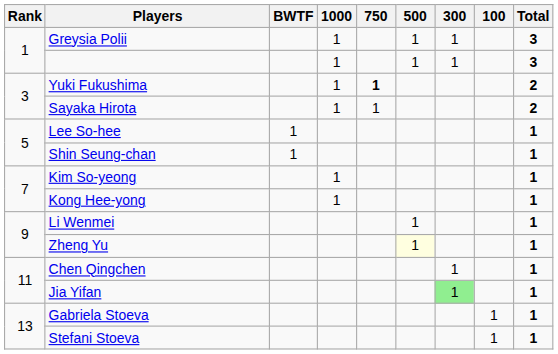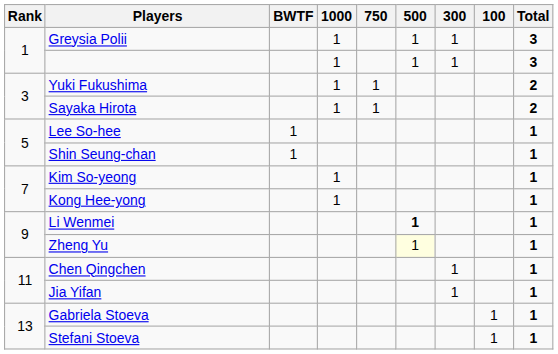 <table class="wikitable" style="font-size:80%; text-align:center">
 <tr>
 <th width="30">Rank</th>
 <th width="200">Players</th>
 <th width="30">BWTF</th>
 <th width="30">1000</th>
 <th width="30">750</th>
 <th width="30">500</th>
 <th width="30">300</th>
 <th width="30">100</th>
 <th width="30">Total</th>
 </tr>
 <tr>
 <td rowspan="2">1</td>
 <td align="left"> <a href='#'>Greysia Polii</a></td>
 <td></td>
 <td>1</td>
 <td></td>
 <td>1</td>
 <td>1</td>
 <td></td>
 <td><strong>3</strong></td>
 </tr>
 <tr>
 <td align="left"></td>
 <td></td>
 <td>1</td>
 <td></td>
 <td>1</td>
 <td>1</td>
 <td></td>
 <td><strong>3</strong></td>
 </tr>
 <tr>
 <td rowspan="2">3</td>
 <td align="left"> <a href='#'>Yuki Fukushima</a></td>
 <td></td>
 <td>1</td>
-<td><strong>1</strong></td>
+<td>1</td>
 <td></td>
 <td></td>
 <td></td>
 <td><strong>2</strong></td>
 </tr>
 <tr>
 <td align="left"> <a href='#'>Sayaka Hirota</a></td>
 <td></td>
 <td>1</td>
 <td>1</td>
 <td></td>
 <td></td>
 <td></td>
 <td><strong>2</strong></td>
 </tr>
 <tr>
 <td rowspan="2">5</td>
 <td style="text-align:left;"> <a href='#'>Lee So-hee</a></td>
 <td>1</td>
 <td></td>
 <td></td>
 <td></td>
 <td></td>
 <td></td>
 <td><strong>1</strong></td>
 </tr>
 <tr>
 <td style="text-align:left;"> <a href='#'>Shin Seung-chan</a></td>
 <td>1</td>
 <td></td>
 <td></td>
 <td></td>
 <td></td>
 <td></td>
 <td><strong>1</strong></td>
 </tr>
 <tr>
 <td rowspan="2">7</td>
 <td style="text-align:left;"> <a href='#'>Kim So-yeong</a></td>
 <td></td>
 <td>1</td>
 <td></td>
 <td></td>
 <td></td>
 <td></td>
 <td><strong>1</strong></td>
 </tr>
 <tr>
 <td style="text-align:left;"> <a href='#'>Kong Hee-yong</a></td>
 <td></td>
 <td>1</td>
 <td></td>
 <td></td>
 <td></td>
 <td></td>
 <td><strong>1</strong></td>
 </tr>
 <tr>
 <td rowspan="2">9</td>
 <td align="left"> <a href='#'>Li Wenmei</a></td>
 <td></td>
 <td></td>
 <td></td>
-<td>1</td>
+<td><strong>1</strong></td>
 <td></td>
 <td></td>
 <td><strong>1</strong></td>
 </tr>
 <tr>
 <td align="left"> <a href='#'>Zheng Yu</a></td>
 <td></td>
 <td></td>
 <td></td>
 <td style="background: lightyellow;">1</td>
 <td></td>
 <td></td>
 <td><strong>1</strong></td>
 </tr>
 <tr>
 <td rowspan="2">11</td>
 <td align="left"> <a href='#'>Chen Qingchen</a></td>
 <td></td>
 <td></td>
 <td></td>
 <td></td>
 <td>1</td>
 <td></td>
 <td><strong>1</strong></td>
 </tr>
 <tr>
 <td align="left"> <a href='#'>Jia Yifan</a></td>
 <td></td>
 <td></td>
 <td></td>
 <td></td>
-<td style="background: lightgreen;">1</td>
+<td>1</td>
 <td></td>
 <td><strong>1</strong></td>
 </tr>
 <tr>
 <td rowspan="2">13</td>
 <td align="left"> <a href='#'>Gabriela Stoeva</a></td>
 <td></td>
 <td></td>
 <td></td>
 <td></td>
 <td></td>
 <td>1</td>
 <td><strong>1</strong></td>
 </tr>
 <tr>
 <td align="left"> <a href='#'>Stefani Stoeva</a></td>
 <td></td>
 <td></td>
 <td></td>
 <td></td>
 <td></td>
 <td>1</td>
 <td><strong>1</strong></td>
 </tr>
 </table>
